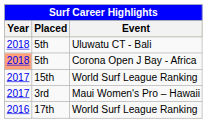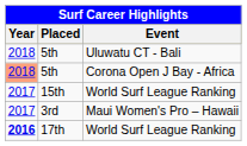 <table class="wikitable">
 <tr>
 <td colspan="4;"  style="background:blue; color:white; text-align:center;"><strong>Surf Career Highlights</strong></td>
 </tr>
 <tr style="background:#bdb76b;">
 <th>Year</th>
 <th>Placed</th>
 <th>Event</th>
 </tr>
 <tr>
 <td><a href='#'>2018</a></td>
 <td>5th</td>
 <td>Uluwatu CT - Bali</td>
 </tr>
 <tr>
 <td style="background: lightsalmon;"><a href='#'>2018</a></td>
 <td>5th</td>
 <td>Corona Open J Bay - Africa</td>
 </tr>
 <tr>
 <td><a href='#'>2017</a></td>
 <td>15th</td>
 <td>World Surf League Ranking</td>
 </tr>
 <tr>
 <td><a href='#'>2017</a></td>
 <td>3rd</td>
 <td>Maui Women's Pro – Hawaii</td>
 </tr>
 <tr>
-<td><a href='#'>2016</a></td>
+<td><strong><a href='#'>2016</a></strong></td>
 <td>17th</td>
 <td>World Surf League Ranking</td>
 </tr>
 </table>
